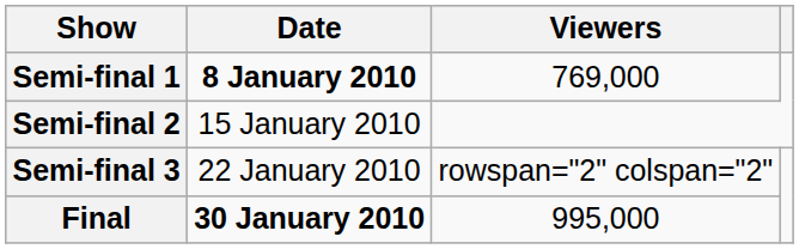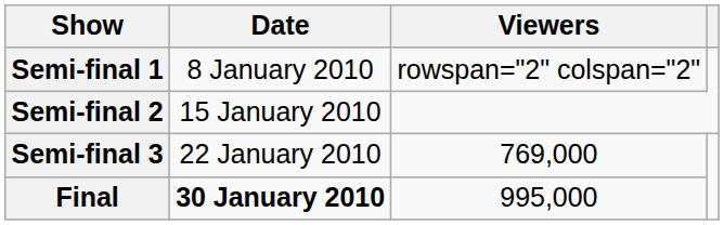 <table class="wikitable plainrowheaders sortable" style="text-align:center">
 <tr>
 <th scope="col">Show</th>
 <th scope="col">Date</th>
 <th scope="col">Viewers</th>
 <th scope="col" class="unsortable"></th>
 </tr>
 <tr>
 <th scope="row">Semi-final 1</th>
-<td><strong>8 January 2010</strong></td>
-<td>769,000</td>
+<td>8 January 2010</td>
+<td>rowspan="2" colspan="2" </td>
 </tr>
 <tr>
 <th scope="row">Semi-final 2</th>
 <td>15 January 2010</td>
 </tr>
 <tr>
 <th scope="row">Semi-final 3</th>
 <td>22 January 2010</td>
-<td>rowspan="2" colspan="2" </td>
+<td>769,000</td>
 <td rowspan="2"></td>
 </tr>
 <tr>
 <th scope="row">Final</th>
 <td><strong>30 January 2010</strong></td>
 <td>995,000</td>
 </tr>
 </table>
